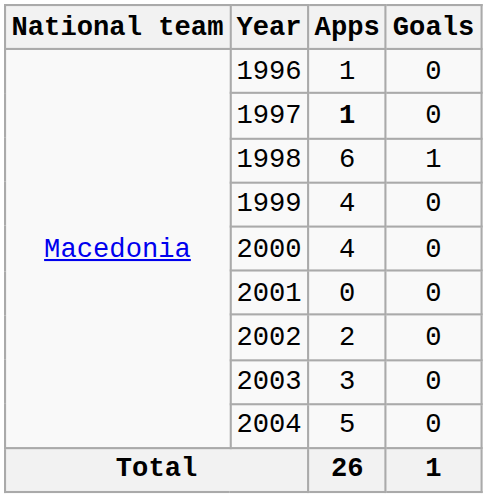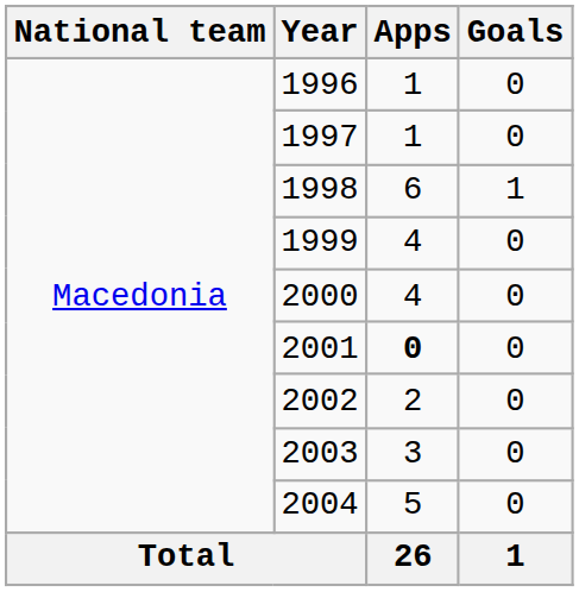 <table class="wikitable" style="text-align:center">
 <tr>
 <th>National team</th>
 <th>Year</th>
 <th>Apps</th>
 <th>Goals</th>
 </tr>
 <tr>
 <td rowspan="9"><a href='#'>Macedonia</a></td>
 <td>1996</td>
 <td>1</td>
 <td>0</td>
 </tr>
 <tr>
 <td>1997</td>
-<td><strong>1</strong></td>
+<td>1</td>
 <td>0</td>
 </tr>
 <tr>
 <td>1998</td>
 <td>6</td>
 <td>1</td>
 </tr>
 <tr>
 <td>1999</td>
 <td>4</td>
 <td>0</td>
 </tr>
 <tr>
 <td>2000</td>
 <td>4</td>
 <td>0</td>
 </tr>
 <tr>
 <td>2001</td>
-<td>0</td>
+<td><strong>0</strong></td>
 <td>0</td>
 </tr>
 <tr>
 <td>2002</td>
 <td>2</td>
 <td>0</td>
 </tr>
 <tr>
 <td>2003</td>
 <td>3</td>
 <td>0</td>
 </tr>
 <tr>
 <td>2004</td>
 <td>5</td>
 <td>0</td>
 </tr>
 <tr>
 <th colspan="2">Total</th>
 <th>26</th>
 <th>1</th>
 </tr>
 </table>
